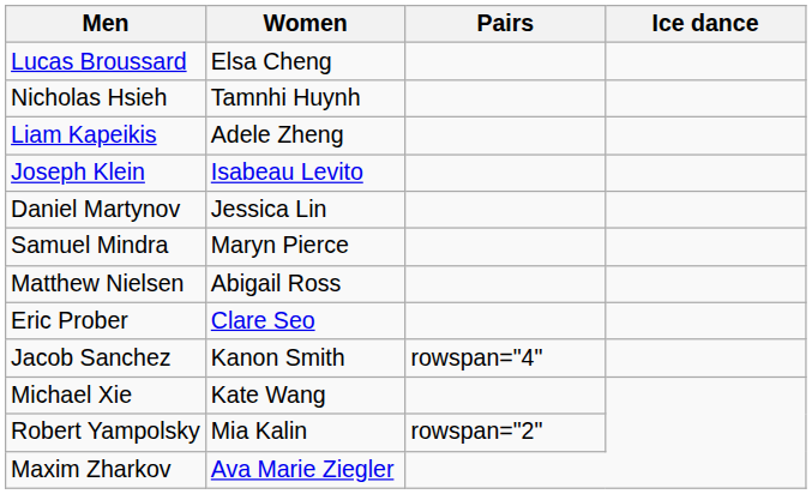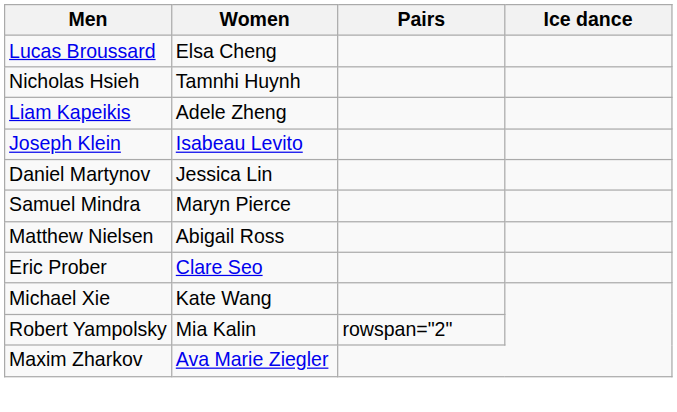 <table class="wikitable unsortable" style="text-align:left">
 <tr>
 <th scope="col" style="width:25%">Men</th>
 <th scope="col" style="width:25%">Women</th>
 <th scope="col" style="width:25%">Pairs</th>
 <th scope="col" style="width:25%">Ice dance</th>
 </tr>
 <tr>
 <td><a href='#'>Lucas Broussard</a></td>
 <td>Elsa Cheng</td>
 <td></td>
 <td></td>
 </tr>
 <tr>
 <td>Nicholas Hsieh</td>
 <td>Tamnhi Huynh</td>
 <td></td>
 <td></td>
 </tr>
 <tr>
 <td><a href='#'>Liam Kapeikis</a></td>
 <td>Adele Zheng</td>
 <td></td>
 <td></td>
 </tr>
 <tr>
 <td><a href='#'>Joseph Klein</a></td>
 <td><a href='#'>Isabeau Levito</a></td>
 <td></td>
 <td></td>
 </tr>
 <tr>
 <td>Daniel Martynov</td>
 <td>Jessica Lin</td>
 <td></td>
 <td></td>
 </tr>
 <tr>
 <td>Samuel Mindra</td>
 <td>Maryn Pierce</td>
 <td></td>
 <td></td>
 </tr>
 <tr>
 <td>Matthew Nielsen</td>
 <td>Abigail Ross</td>
 <td></td>
 <td></td>
 </tr>
 <tr>
 <td>Eric Prober</td>
 <td><a href='#'>Clare Seo</a></td>
 <td></td>
 <td></td>
 </tr>
 <tr>
-<td>Jacob Sanchez</td>
-<td>Kanon Smith</td>
-<td>rowspan="4" </td>
-<td></td>
-</tr>
-<tr>
 <td>Michael Xie</td>
 <td>Kate Wang</td>
 <td></td>
 </tr>
 <tr>
 <td>Robert Yampolsky</td>
 <td>Mia Kalin</td>
 <td>rowspan="2" </td>
 </tr>
 <tr>
 <td>Maxim Zharkov</td>
 <td><a href='#'>Ava Marie Ziegler</a></td>
 </tr>
 </table>
